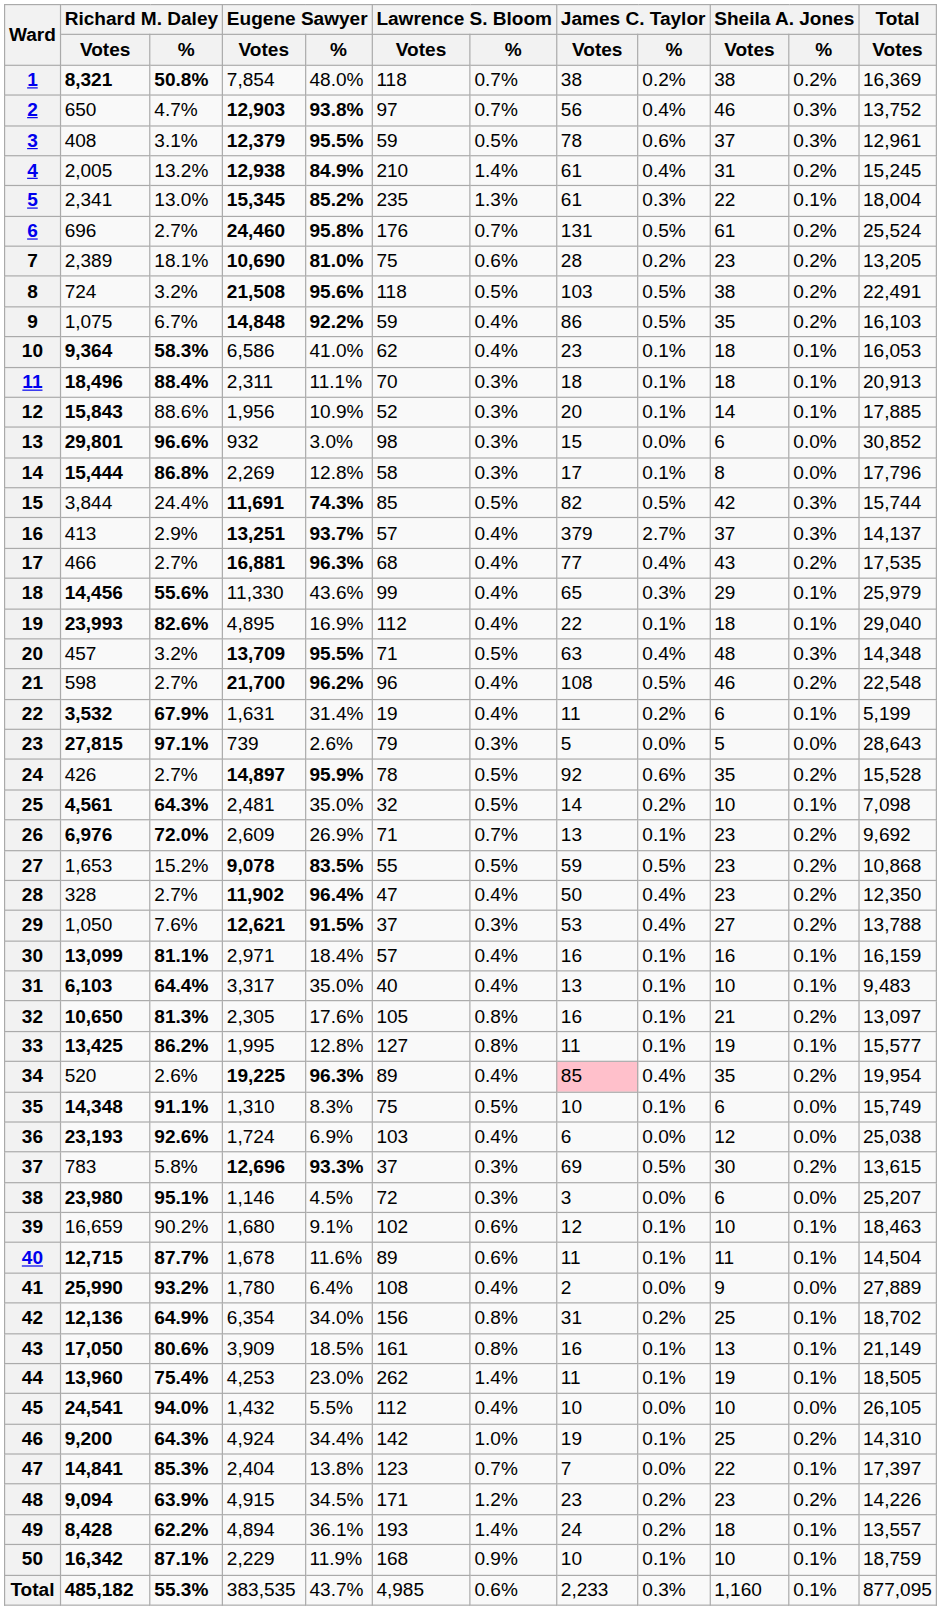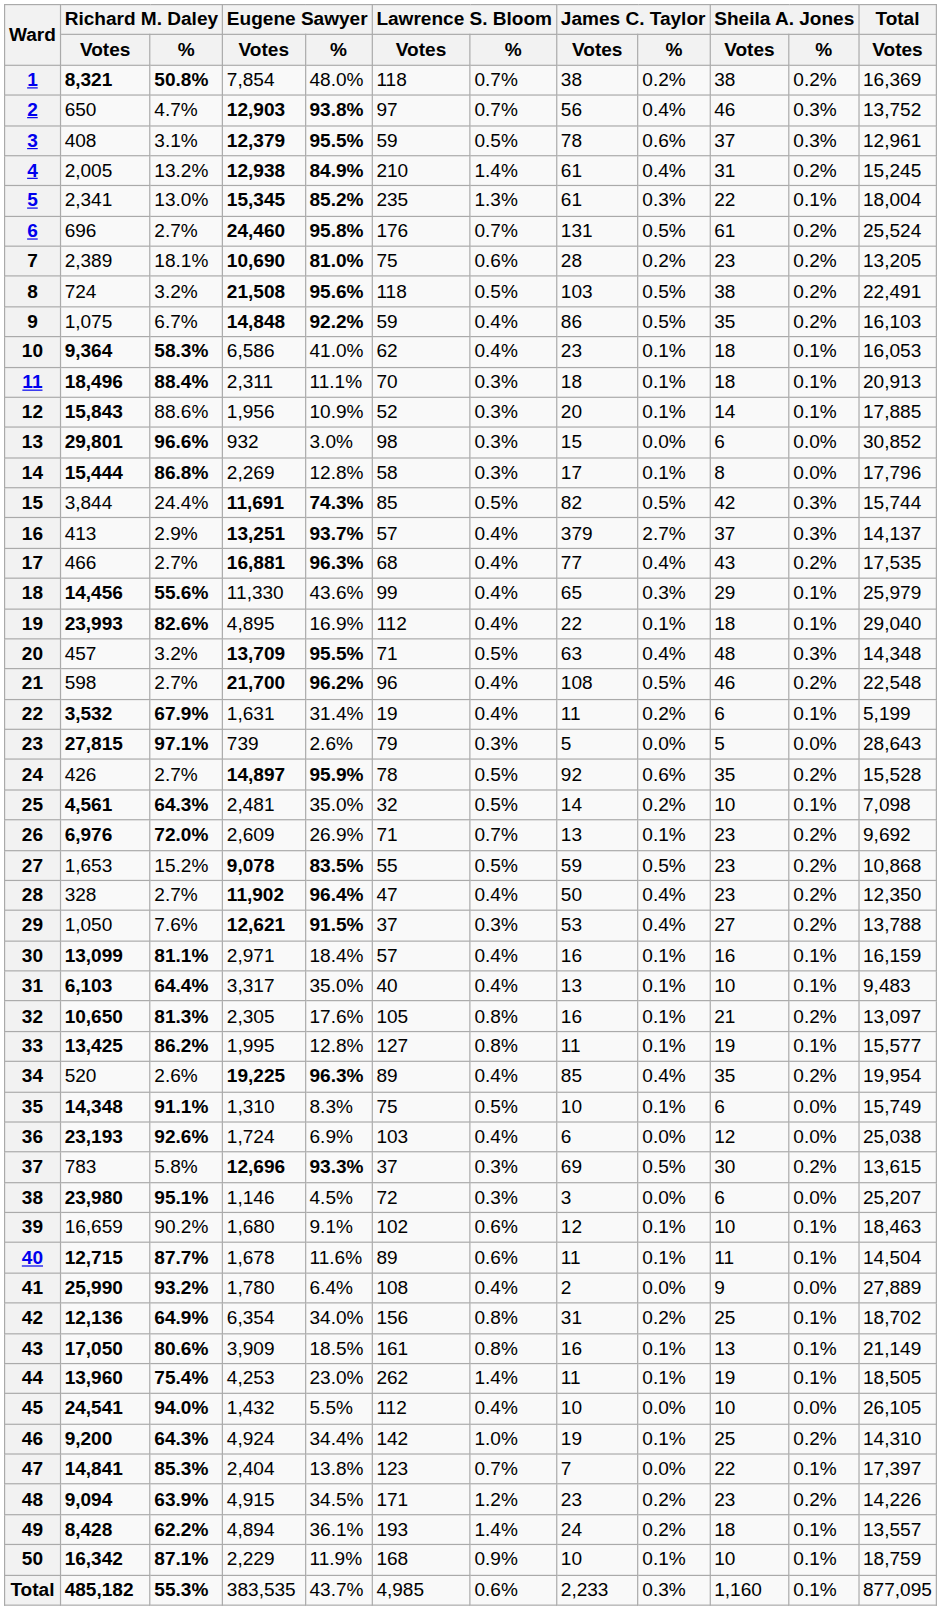 <table class="wikitable collapsible collapsed sortable">
 <tr>
 <th rowspan=2>Ward</th>
 <th colspan=2>Richard M. Daley</th>
 <th colspan=2>Eugene Sawyer</th>
 <th colspan=2>Lawrence S. Bloom</th>
 <th colspan=2>James C. Taylor</th>
 <th colspan=2>Sheila A. Jones</th>
 <th>Total</th>
 </tr>
 <tr>
 <th>Votes</th>
 <th>%</th>
 <th>Votes</th>
 <th>%</th>
 <th>Votes</th>
 <th>%</th>
 <th>Votes</th>
 <th>%</th>
 <th>Votes</th>
 <th>%</th>
 <th>Votes</th>
 </tr>
 <tr>
 <th><a href='#'>1</a></th>
 <td><strong>8,321</strong></td>
 <td><strong>50.8%</strong></td>
 <td>7,854</td>
 <td>48.0%</td>
 <td>118</td>
 <td>0.7%</td>
 <td>38</td>
 <td>0.2%</td>
 <td>38</td>
 <td>0.2%</td>
 <td>16,369</td>
 </tr>
 <tr>
 <th><a href='#'>2</a></th>
 <td>650</td>
 <td>4.7%</td>
 <td><strong>12,903</strong></td>
 <td><strong>93.8%</strong></td>
 <td>97</td>
 <td>0.7%</td>
 <td>56</td>
 <td>0.4%</td>
 <td>46</td>
 <td>0.3%</td>
 <td>13,752</td>
 </tr>
 <tr>
 <th><a href='#'>3</a></th>
 <td>408</td>
 <td>3.1%</td>
 <td><strong>12,379</strong></td>
 <td><strong>95.5%</strong></td>
 <td>59</td>
 <td>0.5%</td>
 <td>78</td>
 <td>0.6%</td>
 <td>37</td>
 <td>0.3%</td>
 <td>12,961</td>
 </tr>
 <tr>
 <th><a href='#'>4</a></th>
 <td>2,005</td>
 <td>13.2%</td>
 <td><strong>12,938</strong></td>
 <td><strong>84.9%</strong></td>
 <td>210</td>
 <td>1.4%</td>
 <td>61</td>
 <td>0.4%</td>
 <td>31</td>
 <td>0.2%</td>
 <td>15,245</td>
 </tr>
 <tr>
 <th><a href='#'>5</a></th>
 <td>2,341</td>
 <td>13.0%</td>
 <td><strong>15,345</strong></td>
 <td><strong>85.2%</strong></td>
 <td>235</td>
 <td>1.3%</td>
 <td>61</td>
 <td>0.3%</td>
 <td>22</td>
 <td>0.1%</td>
 <td>18,004</td>
 </tr>
 <tr>
 <th><a href='#'>6</a></th>
 <td>696</td>
 <td>2.7%</td>
 <td><strong>24,460</strong></td>
 <td><strong>95.8%</strong></td>
 <td>176</td>
 <td>0.7%</td>
 <td>131</td>
 <td>0.5%</td>
 <td>61</td>
 <td>0.2%</td>
 <td>25,524</td>
 </tr>
 <tr>
 <th>7</th>
 <td>2,389</td>
 <td>18.1%</td>
 <td><strong>10,690</strong></td>
 <td><strong>81.0%</strong></td>
 <td>75</td>
 <td>0.6%</td>
 <td>28</td>
 <td>0.2%</td>
 <td>23</td>
 <td>0.2%</td>
 <td>13,205</td>
 </tr>
 <tr>
 <th>8</th>
 <td>724</td>
 <td>3.2%</td>
 <td><strong>21,508</strong></td>
 <td><strong>95.6%</strong></td>
 <td>118</td>
 <td>0.5%</td>
 <td>103</td>
 <td>0.5%</td>
 <td>38</td>
 <td>0.2%</td>
 <td>22,491</td>
 </tr>
 <tr>
 <th>9</th>
 <td>1,075</td>
 <td>6.7%</td>
 <td><strong>14,848</strong></td>
 <td><strong>92.2%</strong></td>
 <td>59</td>
 <td>0.4%</td>
 <td>86</td>
 <td>0.5%</td>
 <td>35</td>
 <td>0.2%</td>
 <td>16,103</td>
 </tr>
 <tr>
 <th>10</th>
 <td><strong>9,364</strong></td>
 <td><strong>58.3%</strong></td>
 <td>6,586</td>
 <td>41.0%</td>
 <td>62</td>
 <td>0.4%</td>
 <td>23</td>
 <td>0.1%</td>
 <td>18</td>
 <td>0.1%</td>
 <td>16,053</td>
 </tr>
 <tr>
 <th><a href='#'>11</a></th>
 <td><strong>18,496</strong></td>
 <td><strong>88.4%</strong></td>
 <td>2,311</td>
 <td>11.1%</td>
 <td>70</td>
 <td>0.3%</td>
 <td>18</td>
 <td>0.1%</td>
 <td>18</td>
 <td>0.1%</td>
 <td>20,913</td>
 </tr>
 <tr>
 <th>12</th>
 <td><strong>15,843</strong></td>
 <td>88.6%</td>
 <td>1,956</td>
 <td>10.9%</td>
 <td>52</td>
 <td>0.3%</td>
 <td>20</td>
 <td>0.1%</td>
 <td>14</td>
 <td>0.1%</td>
 <td>17,885</td>
 </tr>
 <tr>
 <th>13</th>
 <td><strong>29,801</strong></td>
 <td><strong>96.6%</strong></td>
 <td>932</td>
 <td>3.0%</td>
 <td>98</td>
 <td>0.3%</td>
 <td>15</td>
 <td>0.0%</td>
 <td>6</td>
 <td>0.0%</td>
 <td>30,852</td>
 </tr>
 <tr>
 <th>14</th>
 <td><strong>15,444</strong></td>
 <td><strong>86.8%</strong></td>
 <td>2,269</td>
 <td>12.8%</td>
 <td>58</td>
 <td>0.3%</td>
 <td>17</td>
 <td>0.1%</td>
 <td>8</td>
 <td>0.0%</td>
 <td>17,796</td>
 </tr>
 <tr>
 <th>15</th>
 <td>3,844</td>
 <td>24.4%</td>
 <td><strong>11,691</strong></td>
 <td><strong>74.3%</strong></td>
 <td>85</td>
 <td>0.5%</td>
 <td>82</td>
 <td>0.5%</td>
 <td>42</td>
 <td>0.3%</td>
 <td>15,744</td>
 </tr>
 <tr>
 <th>16</th>
 <td>413</td>
 <td>2.9%</td>
 <td><strong>13,251</strong></td>
 <td><strong>93.7%</strong></td>
 <td>57</td>
 <td>0.4%</td>
 <td>379</td>
 <td>2.7%</td>
 <td>37</td>
 <td>0.3%</td>
 <td>14,137</td>
 </tr>
 <tr>
 <th>17</th>
 <td>466</td>
 <td>2.7%</td>
 <td><strong>16,881</strong></td>
 <td><strong>96.3%</strong></td>
 <td>68</td>
 <td>0.4%</td>
 <td>77</td>
 <td>0.4%</td>
 <td>43</td>
 <td>0.2%</td>
 <td>17,535</td>
 </tr>
 <tr>
 <th>18</th>
 <td><strong>14,456</strong></td>
 <td><strong>55.6%</strong></td>
 <td>11,330</td>
 <td>43.6%</td>
 <td>99</td>
 <td>0.4%</td>
 <td>65</td>
 <td>0.3%</td>
 <td>29</td>
 <td>0.1%</td>
 <td>25,979</td>
 </tr>
 <tr>
 <th>19</th>
 <td><strong>23,993</strong></td>
 <td><strong>82.6%</strong></td>
 <td>4,895</td>
 <td>16.9%</td>
 <td>112</td>
 <td>0.4%</td>
 <td>22</td>
 <td>0.1%</td>
 <td>18</td>
 <td>0.1%</td>
 <td>29,040</td>
 </tr>
 <tr>
 <th>20</th>
 <td>457</td>
 <td>3.2%</td>
 <td><strong>13,709</strong></td>
 <td><strong>95.5%</strong></td>
 <td>71</td>
 <td>0.5%</td>
 <td>63</td>
 <td>0.4%</td>
 <td>48</td>
 <td>0.3%</td>
 <td>14,348</td>
 </tr>
 <tr>
 <th>21</th>
 <td>598</td>
 <td>2.7%</td>
 <td><strong>21,700</strong></td>
 <td><strong>96.2%</strong></td>
 <td>96</td>
 <td>0.4%</td>
 <td>108</td>
 <td>0.5%</td>
 <td>46</td>
 <td>0.2%</td>
 <td>22,548</td>
 </tr>
 <tr>
 <th>22</th>
 <td><strong>3,532</strong></td>
 <td><strong>67.9%</strong></td>
 <td>1,631</td>
 <td>31.4%</td>
 <td>19</td>
 <td>0.4%</td>
 <td>11</td>
 <td>0.2%</td>
 <td>6</td>
 <td>0.1%</td>
 <td>5,199</td>
 </tr>
 <tr>
 <th>23</th>
 <td><strong>27,815</strong></td>
 <td><strong>97.1%</strong></td>
 <td>739</td>
 <td>2.6%</td>
 <td>79</td>
 <td>0.3%</td>
 <td>5</td>
 <td>0.0%</td>
 <td>5</td>
 <td>0.0%</td>
 <td>28,643</td>
 </tr>
 <tr>
 <th>24</th>
 <td>426</td>
 <td>2.7%</td>
 <td><strong>14,897</strong></td>
 <td><strong>95.9%</strong></td>
 <td>78</td>
 <td>0.5%</td>
 <td>92</td>
 <td>0.6%</td>
 <td>35</td>
 <td>0.2%</td>
 <td>15,528</td>
 </tr>
 <tr>
 <th>25</th>
 <td><strong>4,561</strong></td>
 <td><strong>64.3%</strong></td>
 <td>2,481</td>
 <td>35.0%</td>
 <td>32</td>
 <td>0.5%</td>
 <td>14</td>
 <td>0.2%</td>
 <td>10</td>
 <td>0.1%</td>
 <td>7,098</td>
 </tr>
 <tr>
 <th>26</th>
 <td><strong>6,976</strong></td>
 <td><strong>72.0%</strong></td>
 <td>2,609</td>
 <td>26.9%</td>
 <td>71</td>
 <td>0.7%</td>
 <td>13</td>
 <td>0.1%</td>
 <td>23</td>
 <td>0.2%</td>
 <td>9,692</td>
 </tr>
 <tr>
 <th>27</th>
 <td>1,653</td>
 <td>15.2%</td>
 <td><strong>9,078</strong></td>
 <td><strong>83.5%</strong></td>
 <td>55</td>
 <td>0.5%</td>
 <td>59</td>
 <td>0.5%</td>
 <td>23</td>
 <td>0.2%</td>
 <td>10,868</td>
 </tr>
 <tr>
 <th>28</th>
 <td>328</td>
 <td>2.7%</td>
 <td><strong>11,902</strong></td>
 <td><strong>96.4%</strong></td>
 <td>47</td>
 <td>0.4%</td>
 <td>50</td>
 <td>0.4%</td>
 <td>23</td>
 <td>0.2%</td>
 <td>12,350</td>
 </tr>
 <tr>
 <th>29</th>
 <td>1,050</td>
 <td>7.6%</td>
 <td><strong>12,621</strong></td>
 <td><strong>91.5%</strong></td>
 <td>37</td>
 <td>0.3%</td>
 <td>53</td>
 <td>0.4%</td>
 <td>27</td>
 <td>0.2%</td>
 <td>13,788</td>
 </tr>
 <tr>
 <th>30</th>
 <td><strong>13,099</strong></td>
 <td><strong>81.1%</strong></td>
 <td>2,971</td>
 <td>18.4%</td>
 <td>57</td>
 <td>0.4%</td>
 <td>16</td>
 <td>0.1%</td>
 <td>16</td>
 <td>0.1%</td>
 <td>16,159</td>
 </tr>
 <tr>
 <th>31</th>
 <td><strong>6,103</strong></td>
 <td><strong>64.4%</strong></td>
 <td>3,317</td>
 <td>35.0%</td>
 <td>40</td>
 <td>0.4%</td>
 <td>13</td>
 <td>0.1%</td>
 <td>10</td>
 <td>0.1%</td>
 <td>9,483</td>
 </tr>
 <tr>
 <th>32</th>
 <td><strong>10,650</strong></td>
 <td><strong>81.3%</strong></td>
 <td>2,305</td>
 <td>17.6%</td>
 <td>105</td>
 <td>0.8%</td>
 <td>16</td>
 <td>0.1%</td>
 <td>21</td>
 <td>0.2%</td>
 <td>13,097</td>
 </tr>
 <tr>
 <th>33</th>
 <td><strong>13,425</strong></td>
 <td><strong>86.2%</strong></td>
 <td>1,995</td>
 <td>12.8%</td>
 <td>127</td>
 <td>0.8%</td>
 <td>11</td>
 <td>0.1%</td>
 <td>19</td>
 <td>0.1%</td>
 <td>15,577</td>
 </tr>
 <tr>
 <th>34</th>
 <td>520</td>
 <td>2.6%</td>
 <td><strong>19,225</strong></td>
 <td><strong>96.3%</strong></td>
 <td>89</td>
 <td>0.4%</td>
-<td style="background: pink;">85</td>
+<td>85</td>
 <td>0.4%</td>
 <td>35</td>
 <td>0.2%</td>
 <td>19,954</td>
 </tr>
 <tr>
 <th>35</th>
 <td><strong>14,348</strong></td>
 <td><strong>91.1%</strong></td>
 <td>1,310</td>
 <td>8.3%</td>
 <td>75</td>
 <td>0.5%</td>
 <td>10</td>
 <td>0.1%</td>
 <td>6</td>
 <td>0.0%</td>
 <td>15,749</td>
 </tr>
 <tr>
 <th>36</th>
 <td><strong>23,193</strong></td>
 <td><strong>92.6%</strong></td>
 <td>1,724</td>
 <td>6.9%</td>
 <td>103</td>
 <td>0.4%</td>
 <td>6</td>
 <td>0.0%</td>
 <td>12</td>
 <td>0.0%</td>
 <td>25,038</td>
 </tr>
 <tr>
 <th>37</th>
 <td>783</td>
 <td>5.8%</td>
 <td><strong>12,696</strong></td>
 <td><strong>93.3%</strong></td>
 <td>37</td>
 <td>0.3%</td>
 <td>69</td>
 <td>0.5%</td>
 <td>30</td>
 <td>0.2%</td>
 <td>13,615</td>
 </tr>
 <tr>
 <th>38</th>
 <td><strong>23,980</strong></td>
 <td><strong>95.1%</strong></td>
 <td>1,146</td>
 <td>4.5%</td>
 <td>72</td>
 <td>0.3%</td>
 <td>3</td>
 <td>0.0%</td>
 <td>6</td>
 <td>0.0%</td>
 <td>25,207</td>
 </tr>
 <tr>
 <th>39</th>
 <td>16,659</td>
 <td>90.2%</td>
 <td>1,680</td>
 <td>9.1%</td>
 <td>102</td>
 <td>0.6%</td>
 <td>12</td>
 <td>0.1%</td>
 <td>10</td>
 <td>0.1%</td>
 <td>18,463</td>
 </tr>
 <tr>
 <th><a href='#'>40</a></th>
 <td><strong>12,715</strong></td>
 <td><strong>87.7%</strong></td>
 <td>1,678</td>
 <td>11.6%</td>
 <td>89</td>
 <td>0.6%</td>
 <td>11</td>
 <td>0.1%</td>
 <td>11</td>
 <td>0.1%</td>
 <td>14,504</td>
 </tr>
 <tr>
 <th>41</th>
 <td><strong>25,990</strong></td>
 <td><strong>93.2%</strong></td>
 <td>1,780</td>
 <td>6.4%</td>
 <td>108</td>
 <td>0.4%</td>
 <td>2</td>
 <td>0.0%</td>
 <td>9</td>
 <td>0.0%</td>
 <td>27,889</td>
 </tr>
 <tr>
 <th>42</th>
 <td><strong>12,136</strong></td>
 <td><strong>64.9%</strong></td>
 <td>6,354</td>
 <td>34.0%</td>
 <td>156</td>
 <td>0.8%</td>
 <td>31</td>
 <td>0.2%</td>
 <td>25</td>
 <td>0.1%</td>
 <td>18,702</td>
 </tr>
 <tr>
 <th>43</th>
 <td><strong>17,050</strong></td>
 <td><strong>80.6%</strong></td>
 <td>3,909</td>
 <td>18.5%</td>
 <td>161</td>
 <td>0.8%</td>
 <td>16</td>
 <td>0.1%</td>
 <td>13</td>
 <td>0.1%</td>
 <td>21,149</td>
 </tr>
 <tr>
 <th>44</th>
 <td><strong>13,960</strong></td>
 <td><strong>75.4%</strong></td>
 <td>4,253</td>
 <td>23.0%</td>
 <td>262</td>
 <td>1.4%</td>
 <td>11</td>
 <td>0.1%</td>
 <td>19</td>
 <td>0.1%</td>
 <td>18,505</td>
 </tr>
 <tr>
 <th>45</th>
 <td><strong>24,541</strong></td>
 <td><strong>94.0%</strong></td>
 <td>1,432</td>
 <td>5.5%</td>
 <td>112</td>
 <td>0.4%</td>
 <td>10</td>
 <td>0.0%</td>
 <td>10</td>
 <td>0.0%</td>
 <td>26,105</td>
 </tr>
 <tr>
 <th>46</th>
 <td><strong>9,200</strong></td>
 <td><strong>64.3%</strong></td>
 <td>4,924</td>
 <td>34.4%</td>
 <td>142</td>
 <td>1.0%</td>
 <td>19</td>
 <td>0.1%</td>
 <td>25</td>
 <td>0.2%</td>
 <td>14,310</td>
 </tr>
 <tr>
 <th>47</th>
 <td><strong>14,841</strong></td>
 <td><strong>85.3%</strong></td>
 <td>2,404</td>
 <td>13.8%</td>
 <td>123</td>
 <td>0.7%</td>
 <td>7</td>
 <td>0.0%</td>
 <td>22</td>
 <td>0.1%</td>
 <td>17,397</td>
 </tr>
 <tr>
 <th>48</th>
 <td><strong>9,094</strong></td>
 <td><strong>63.9%</strong></td>
 <td>4,915</td>
 <td>34.5%</td>
 <td>171</td>
 <td>1.2%</td>
 <td>23</td>
 <td>0.2%</td>
 <td>23</td>
 <td>0.2%</td>
 <td>14,226</td>
 </tr>
 <tr>
 <th>49</th>
 <td><strong>8,428</strong></td>
 <td><strong>62.2%</strong></td>
 <td>4,894</td>
 <td>36.1%</td>
 <td>193</td>
 <td>1.4%</td>
 <td>24</td>
 <td>0.2%</td>
 <td>18</td>
 <td>0.1%</td>
 <td>13,557</td>
 </tr>
 <tr>
 <th>50</th>
 <td><strong>16,342</strong></td>
 <td><strong>87.1%</strong></td>
 <td>2,229</td>
 <td>11.9%</td>
 <td>168</td>
 <td>0.9%</td>
 <td>10</td>
 <td>0.1%</td>
 <td>10</td>
 <td>0.1%</td>
 <td>18,759</td>
 </tr>
 <tr>
 <th>Total</th>
 <td><strong>485,182</strong></td>
 <td><strong>55.3%</strong></td>
 <td>383,535</td>
 <td>43.7%</td>
 <td>4,985</td>
 <td>0.6%</td>
 <td>2,233</td>
 <td>0.3%</td>
 <td>1,160</td>
 <td>0.1%</td>
 <td>877,095</td>
 </tr>
 </table>
